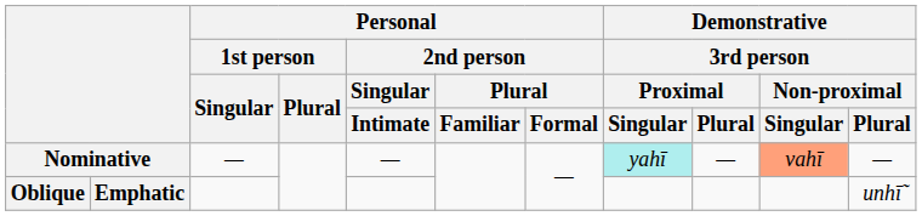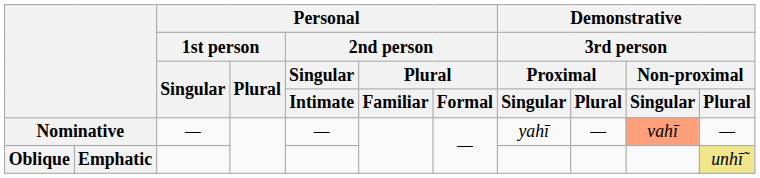 <table class="wikitable" style="text-align:center">
 <tr>
 <th colspan="2" rowspan="4"></th>
 <th colspan="5">Personal</th>
 <th colspan="4">Demonstrative</th>
 </tr>
 <tr>
 <th colspan="2">1st person</th>
 <th colspan="3">2nd person</th>
 <th colspan="4">3rd person</th>
 </tr>
 <tr>
 <th rowspan="2">Singular</th>
 <th rowspan="2">Plural</th>
 <th>Singular</th>
 <th colspan="2">Plural</th>
 <th colspan="2">Proximal</th>
 <th colspan="2">Non-proximal</th>
 </tr>
 <tr>
 <th>Intimate</th>
 <th>Familiar</th>
 <th>Formal</th>
 <th>Singular</th>
 <th>Plural</th>
 <th>Singular</th>
 <th>Plural</th>
 </tr>
 <tr>
 <th colspan="2">Nominative</th>
 <td><em>—</em></td>
 <td rowspan="2"></td>
 <td><em>—</em></td>
 <td rowspan="2"></td>
 <td rowspan="2"><em>—</em></td>
-<td style="background: paleturquoise;"><em>yahī</em></td>
+<td><em>yahī</em></td>
 <td><em>—</em></td>
 <td style="background: lightsalmon;"><em>vahī</em></td>
 <td><em>—</em></td>
 </tr>
 <tr>
 <th>Oblique</th>
 <th>Emphatic</th>
 <td></td>
 <td></td>
 <td></td>
 <td></td>
 <td></td>
-<td><em>unhī̃</em></td>
+<td style="background: khaki;"><em>unhī̃</em></td>
 </tr>
 </table>
